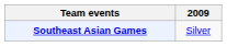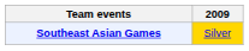 <table class="wikitable" style="font-size: 90%; text-align:center">
 <tr>
 <th>Team events</th>
 <th>2009</th>
 </tr>
 <tr style="height: 30px;">
 <td bgcolor=ECF2FF style="width: 240px;align=left"><strong><a href='#'>Southeast Asian Games</a></strong></td>
-<td style="width: 60px"> <a href='#'>Silver</a></td>
+<td style="background: gold; width: 60px"> <a href='#'>Silver</a></td>
 </tr>
 </table>
